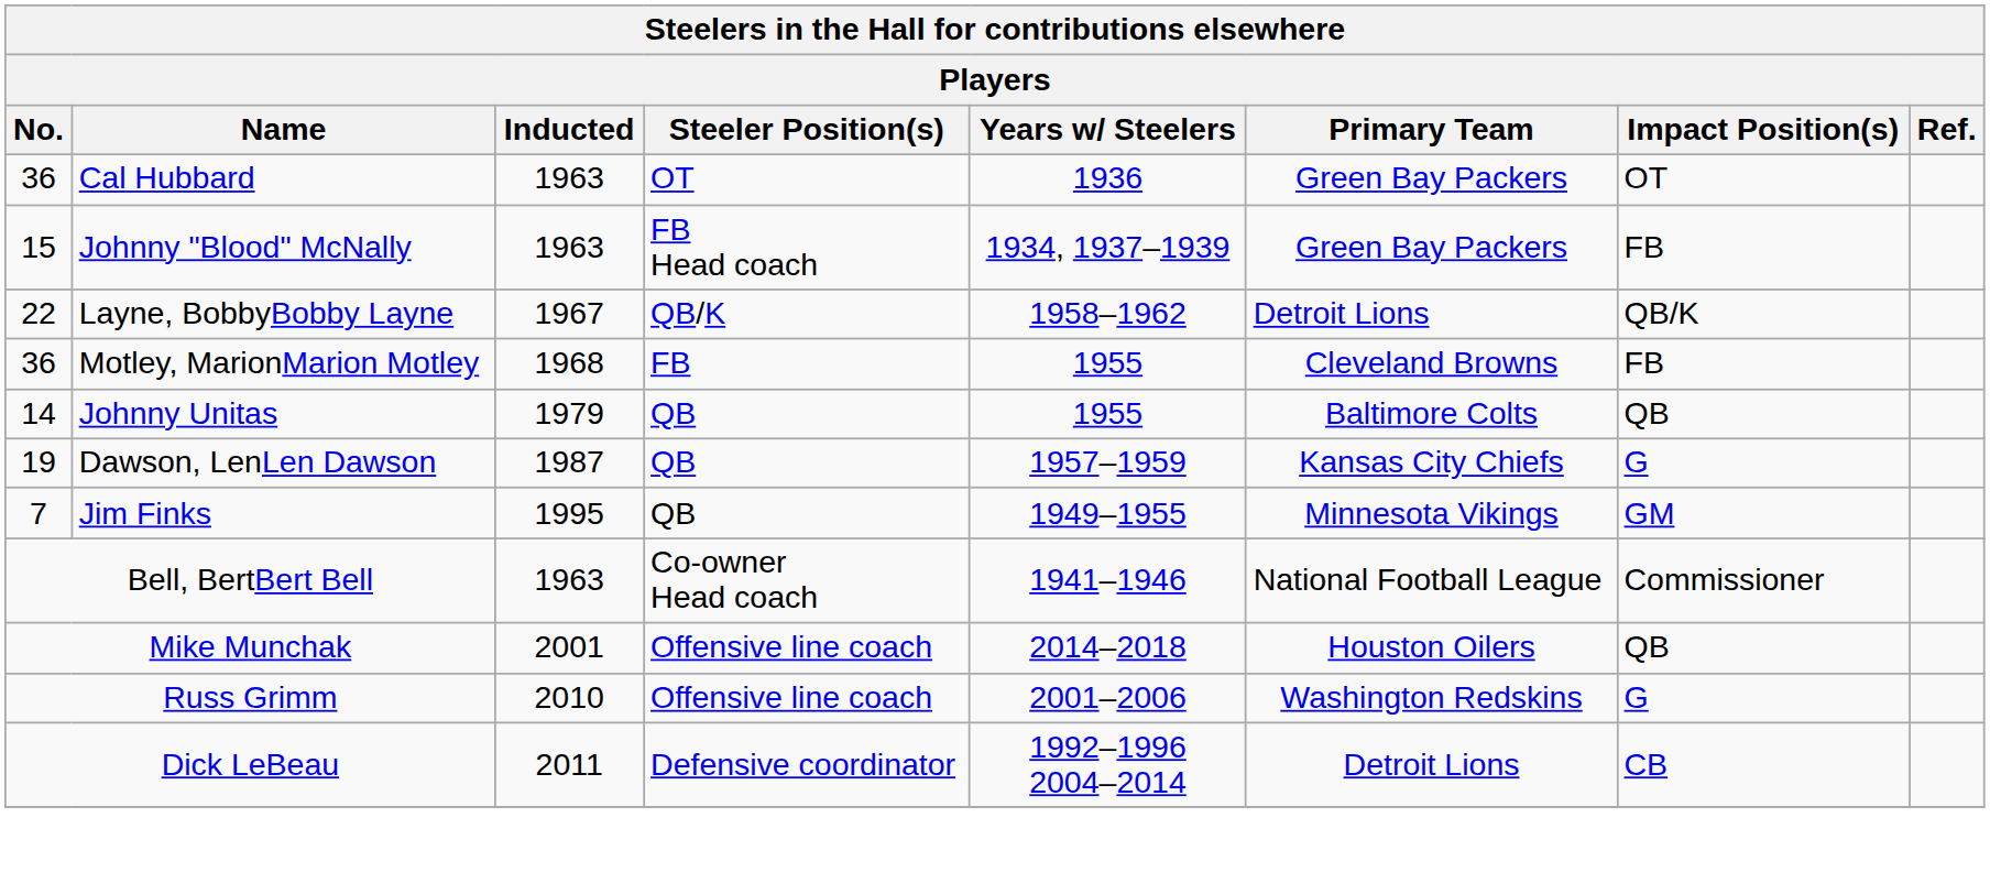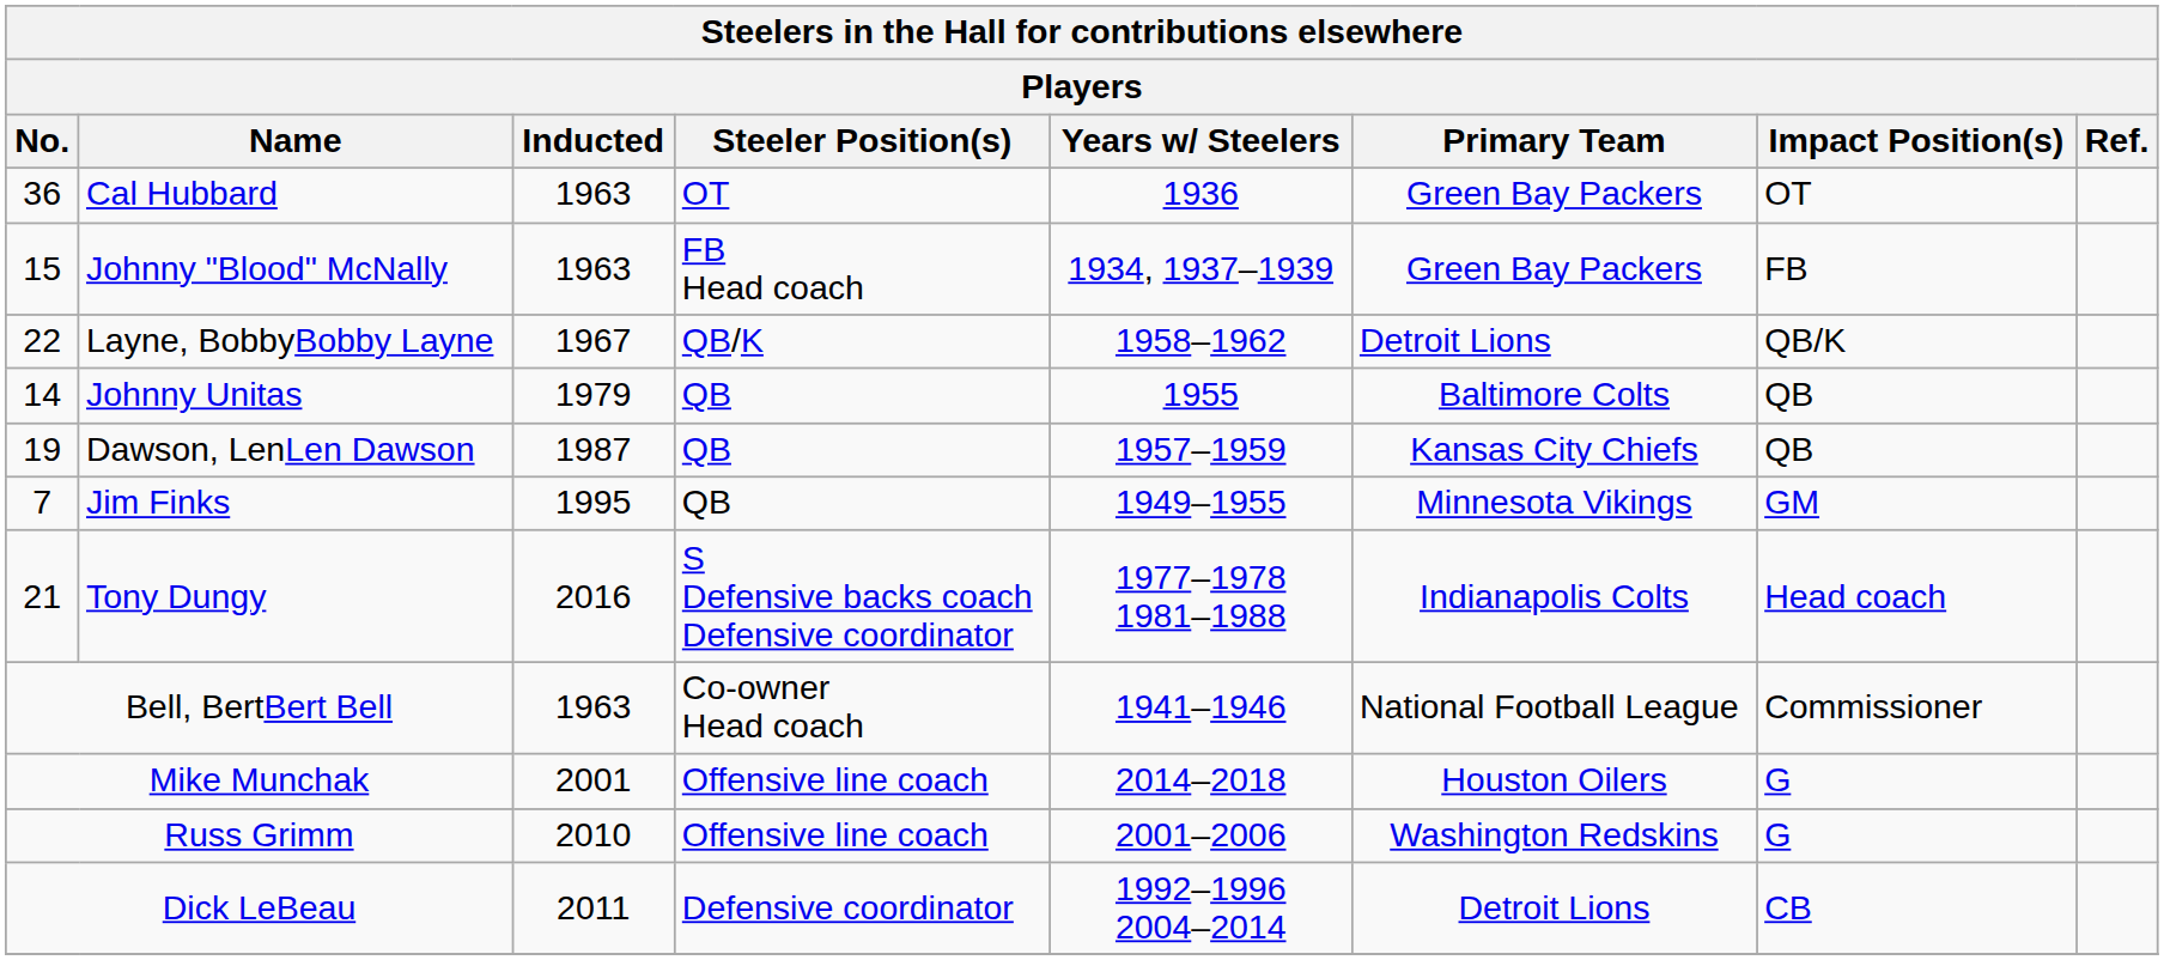 <table class="wikitable" style="width:80%;" style="text-align:center">
 <tr>
 <th colspan=8>Steelers in the Hall for contributions elsewhere</th>
 </tr>
 <tr>
 <th colspan=8>Players</th>
 </tr>
 <tr>
 <th>No.</th>
 <th>Name</th>
 <th>Inducted</th>
 <th>Steeler Position(s)</th>
 <th>Years w/ Steelers</th>
 <th>Primary Team</th>
 <th>Impact Position(s)</th>
 <th>Ref.</th>
 </tr>
 <tr>
 <td style="text-align:center;">36</td>
 <td><a href='#'>Cal Hubbard</a></td>
 <td style="text-align:center;">1963</td>
 <td><a href='#'>OT</a></td>
 <td style="text-align:center;"><a href='#'>1936</a></td>
 <td style="text-align:center;"><a href='#'>Green Bay Packers</a></td>
 <td Offensive tackle>OT</td>
 <td></td>
 </tr>
 <tr>
 <td style="text-align:center;">15</td>
 <td><a href='#'>Johnny "Blood" McNally</a></td>
 <td style="text-align:center;">1963</td>
 <td><a href='#'>FB</a><br>Head coach<br></td>
 <td style="text-align:center;"><a href='#'>1934</a>, <a href='#'>1937</a>–<a href='#'>1939</a></td>
 <td style="text-align:center;"><a href='#'>Green Bay Packers</a></td>
 <td Fullback>FB</td>
 <td></td>
 </tr>
 <tr>
 <td style="text-align:center;">22</td>
 <td><span>Layne, Bobby</span><a href='#'>Bobby Layne</a></td>
 <td style="text-align:center;">1967</td>
 <td><a href='#'>QB</a>/<a href='#'>K</a></td>
 <td style="text-align:center;"><a href='#'>1958</a>–<a href='#'>1962</a></td>
 <td><a href='#'>Detroit Lions</a></td>
 <td>QB/K</td>
 <td></td>
 </tr>
 <tr>
-<td style="text-align:center;">36</td>
-<td><span>Motley, Marion</span><a href='#'>Marion Motley</a></td>
-<td style="text-align:center;">1968</td>
-<td><a href='#'>FB</a></td>
-<td style="text-align:center;"><a href='#'>1955</a></td>
-<td style="text-align:center;"><a href='#'>Cleveland Browns</a></td>
-<td Fullback>FB</td>
-<td></td>
-</tr>
-<tr>
 <td style="text-align:center;">14</td>
 <td><a href='#'>Johnny Unitas</a></td>
 <td style="text-align:center;">1979</td>
 <td><a href='#'>QB</a></td>
 <td style="text-align:center;"><a href='#'>1955</a></td>
 <td style="text-align:center;"><a href='#'>Baltimore Colts</a></td>
 <td Quarterback>QB</td>
 <td></td>
 </tr>
 <tr>
 <td style="text-align:center;">19</td>
 <td><span>Dawson, Len</span><a href='#'>Len Dawson</a></td>
 <td style="text-align:center;">1987</td>
 <td><a href='#'>QB</a></td>
 <td style="text-align:center;"><a href='#'>1957</a>–<a href='#'>1959</a></td>
 <td style="text-align:center;"><a href='#'>Kansas City Chiefs</a></td>
-<td><a href='#'>G</a></td>
+<td Quarterback>QB</td>
 <td></td>
 </tr>
 <tr>
 <td style="text-align:center;">7</td>
 <td><a href='#'>Jim Finks</a></td>
 <td style="text-align:center;">1995</td>
 <td Quarterback>QB</td>
 <td style="text-align:center;"><a href='#'>1949</a>–<a href='#'>1955</a></td>
 <td style="text-align:center;"><a href='#'>Minnesota Vikings</a></td>
 <td><a href='#'>GM</a></td>
+<td></td>
+</tr>
+<tr>
+<td style="text-align:center;">21</td>
+<td><a href='#'>Tony Dungy</a></td>
+<td style="text-align:center;">2016</td>
+<td><a href='#'>S</a><br><a href='#'>Defensive backs coach</a><br><a href='#'>Defensive coordinator</a></td>
+<td style="text-align:center;"><a href='#'>1977</a>–<a href='#'>1978</a><br><a href='#'>1981</a>–<a href='#'>1988</a></td>
+<td style="text-align:center;"><a href='#'>Indianapolis Colts</a></td>
+<td><a href='#'>Head coach</a></td>
 <td></td>
 </tr>
 <tr>
 <td style="text-align:center;" colspan=2><span>Bell, Bert</span><a href='#'>Bert Bell</a></td>
 <td style="text-align:center;">1963</td>
 <td>Co-owner<br>Head coach</td>
 <td style="text-align:center;"><a href='#'>1941</a>–<a href='#'>1946</a></td>
 <td>National Football League</td>
 <td>Commissioner</td>
 <td></td>
 </tr>
 <tr>
 <td style="text-align:center;" colspan=2><a href='#'>Mike Munchak</a></td>
 <td style="text-align:center;">2001</td>
 <td><a href='#'>Offensive line coach</a></td>
 <td style="text-align:center;"><a href='#'>2014</a>–<a href='#'>2018</a><br></td>
 <td style="text-align:center;"><a href='#'>Houston Oilers</a></td>
-<td Quarterback>QB</td>
+<td><a href='#'>G</a></td>
 <td></td>
 </tr>
 <tr>
 <td style="text-align:center;" colspan=2><a href='#'>Russ Grimm</a></td>
 <td style="text-align:center;">2010</td>
 <td><a href='#'>Offensive line coach</a></td>
 <td style="text-align:center;"><a href='#'>2001</a>–<a href='#'>2006</a><br></td>
 <td style="text-align:center;"><a href='#'>Washington Redskins</a></td>
 <td><a href='#'>G</a></td>
 <td></td>
 </tr>
 <tr>
 <td style="text-align:center;" colspan=2><a href='#'>Dick LeBeau</a></td>
 <td style="text-align:center;">2011</td>
 <td><a href='#'>Defensive coordinator</a></td>
 <td style="text-align:center;"><a href='#'>1992</a>–<a href='#'>1996</a><br><a href='#'>2004</a>–<a href='#'>2014</a></td>
 <td style="text-align:center;"><a href='#'>Detroit Lions</a></td>
 <td><a href='#'>CB</a></td>
 <td></td>
 </tr>
 <tr>
 </tr>
 </table>
